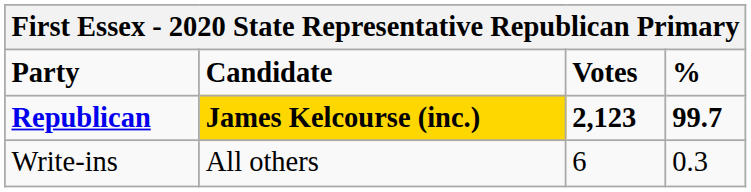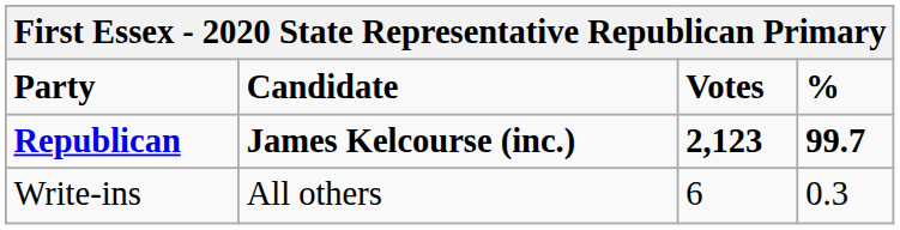 <table class="wikitable">
 <tr>
 <th colspan="4">First Essex - 2020 State Representative Republican Primary</th>
 </tr>
 <tr>
 <td><strong>Party</strong></td>
 <td><strong>Candidate</strong></td>
 <td><strong>Votes</strong></td>
 <td><strong>%</strong></td>
 </tr>
 <tr>
 <td><strong><a href='#'>Republican</a></strong></td>
-<td style="background: gold;"><strong>James Kelcourse (inc.)</strong></td>
+<td><strong>James Kelcourse (inc.)</strong></td>
 <td><strong>2,123</strong></td>
 <td><strong>99.7</strong></td>
 </tr>
 <tr>
 <td>Write-ins</td>
 <td>All others</td>
 <td>6</td>
 <td>0.3</td>
 </tr>
 </table>
